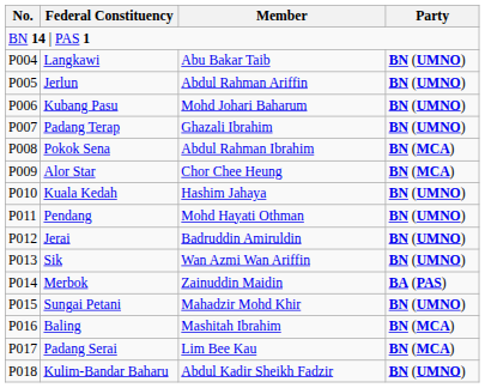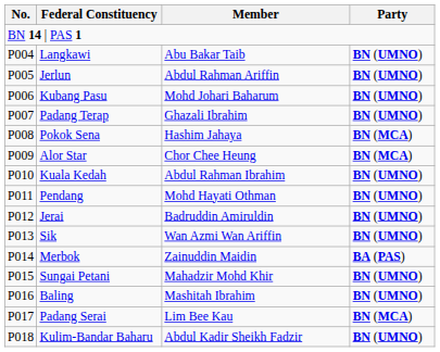 <table class="wikitable sortable">
 <tr>
 <th style="width:30px;">No.</th>
 <th style="width:150px;">Federal Constituency</th>
 <th style="width:230px;">Member</th>
 <th style="width:100px;">Party</th>
 </tr>
 <tr>
 <td colspan="4"><a href='#'>BN</a> <strong>14</strong> | <a href='#'>PAS</a> <strong>1</strong></td>
 </tr>
 <tr>
 <td>P004</td>
 <td><a href='#'>Langkawi</a></td>
 <td><a href='#'>Abu Bakar Taib</a></td>
 <td><strong><a href='#'>BN</a></strong> (<strong><a href='#'>UMNO</a></strong>)</td>
 </tr>
 <tr>
 <td>P005</td>
 <td><a href='#'>Jerlun</a></td>
 <td><a href='#'>Abdul Rahman Ariffin</a></td>
 <td><strong><a href='#'>BN</a></strong> (<strong><a href='#'>UMNO</a></strong>)</td>
 </tr>
 <tr>
 <td>P006</td>
 <td><a href='#'>Kubang Pasu</a></td>
 <td><a href='#'>Mohd Johari Baharum</a></td>
 <td><strong><a href='#'>BN</a></strong> (<strong><a href='#'>UMNO</a></strong>)</td>
 </tr>
 <tr>
 <td>P007</td>
 <td><a href='#'>Padang Terap</a></td>
 <td><a href='#'>Ghazali Ibrahim</a></td>
 <td><strong><a href='#'>BN</a></strong> (<strong><a href='#'>UMNO</a></strong>)</td>
 </tr>
 <tr>
 <td>P008</td>
 <td><a href='#'>Pokok Sena</a></td>
-<td><a href='#'>Abdul Rahman Ibrahim</a></td>
+<td><a href='#'>Hashim Jahaya</a></td>
 <td><strong><a href='#'>BN</a></strong> (<strong><a href='#'>MCA</a></strong>)</td>
 </tr>
 <tr>
 <td>P009</td>
 <td><a href='#'>Alor Star</a></td>
 <td><a href='#'>Chor Chee Heung</a></td>
 <td><strong><a href='#'>BN</a></strong> (<strong><a href='#'>MCA</a></strong>)</td>
 </tr>
 <tr>
 <td>P010</td>
 <td><a href='#'>Kuala Kedah</a></td>
-<td><a href='#'>Hashim Jahaya</a></td>
+<td><a href='#'>Abdul Rahman Ibrahim</a></td>
 <td><strong><a href='#'>BN</a></strong> (<strong><a href='#'>UMNO</a></strong>)</td>
 </tr>
 <tr>
 <td>P011</td>
 <td><a href='#'>Pendang</a></td>
 <td><a href='#'>Mohd Hayati Othman</a></td>
 <td><strong><a href='#'>BN</a></strong> (<strong><a href='#'>UMNO</a></strong>)</td>
 </tr>
 <tr>
 <td>P012</td>
 <td><a href='#'>Jerai</a></td>
 <td><a href='#'>Badruddin Amiruldin</a></td>
 <td><strong><a href='#'>BN</a></strong> (<strong><a href='#'>UMNO</a></strong>)</td>
 </tr>
 <tr>
 <td>P013</td>
 <td><a href='#'>Sik</a></td>
 <td><a href='#'>Wan Azmi Wan Ariffin</a></td>
 <td><strong><a href='#'>BN</a></strong> (<strong><a href='#'>UMNO</a></strong>)</td>
 </tr>
 <tr>
 <td>P014</td>
 <td><a href='#'>Merbok</a></td>
 <td><a href='#'>Zainuddin Maidin</a></td>
 <td><strong><a href='#'>BA</a></strong> (<strong><a href='#'>PAS</a></strong>)</td>
 </tr>
 <tr>
 <td>P015</td>
 <td><a href='#'>Sungai Petani</a></td>
 <td><a href='#'>Mahadzir Mohd Khir</a></td>
 <td><strong><a href='#'>BN</a></strong> (<strong><a href='#'>UMNO</a></strong>)</td>
 </tr>
 <tr>
 <td>P016</td>
 <td><a href='#'>Baling</a></td>
 <td><a href='#'>Mashitah Ibrahim</a></td>
-<td><strong><a href='#'>BN</a></strong> (<strong><a href='#'>MCA</a></strong>)</td>
+<td><strong><a href='#'>BN</a></strong> (<strong><a href='#'>UMNO</a></strong>)</td>
 </tr>
 <tr>
 <td>P017</td>
 <td><a href='#'>Padang Serai</a></td>
 <td><a href='#'>Lim Bee Kau</a></td>
 <td><strong><a href='#'>BN</a></strong> (<strong><a href='#'>MCA</a></strong>)</td>
 </tr>
 <tr>
 <td>P018</td>
 <td><a href='#'>Kulim-Bandar Baharu</a></td>
 <td><a href='#'>Abdul Kadir Sheikh Fadzir</a></td>
 <td><strong><a href='#'>BN</a></strong> (<strong><a href='#'>UMNO</a></strong>)</td>
 </tr>
 </table>
